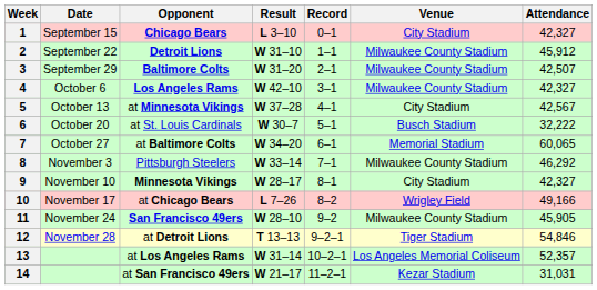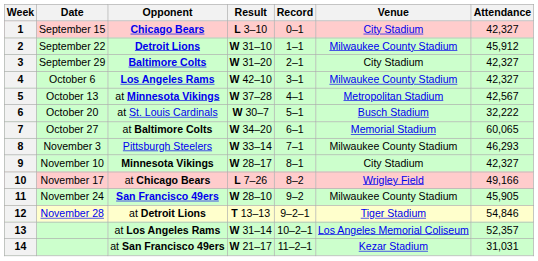 <table class="wikitable" style="text-align:center">
 <tr>
 <th>Week</th>
 <th>Date</th>
 <th>Opponent</th>
 <th>Result</th>
 <th>Record</th>
 <th>Venue</th>
 <th>Attendance</th>
 </tr>
 <tr style="background:#fcc">
 <th>1</th>
 <td>September 15</td>
 <td><strong><a href='#'>Chicago Bears</a></strong></td>
 <td><strong>L</strong> 3–10</td>
 <td>0–1</td>
 <td><a href='#'>City Stadium</a></td>
 <td>42,327</td>
 </tr>
 <tr style="background:#cfc">
 <th>2</th>
 <td>September 22</td>
 <td><strong><a href='#'>Detroit Lions</a></strong></td>
 <td><strong>W</strong> 31–10</td>
 <td>1–1</td>
 <td><a href='#'>Milwaukee County Stadium</a></td>
 <td>45,912</td>
 </tr>
 <tr style="background:#cfc">
 <th>3</th>
 <td>September 29</td>
 <td><strong><a href='#'>Baltimore Colts</a></strong></td>
 <td><strong>W</strong> 31–20</td>
 <td>2–1</td>
-<td><a href='#'>Milwaukee County Stadium</a></td>
-<td>42,507</td>
+<td>City Stadium</td>
+<td>42,327</td>
 </tr>
 <tr style="background:#cfc">
 <th>4</th>
 <td>October 6</td>
 <td><strong><a href='#'>Los Angeles Rams</a></strong></td>
 <td><strong>W</strong> 42–10</td>
 <td>3–1</td>
 <td><a href='#'>Milwaukee County Stadium</a></td>
 <td>42,327</td>
 </tr>
 <tr style="background:#cfc">
 <th>5</th>
 <td>October 13</td>
 <td>at <strong><a href='#'>Minnesota Vikings</a></strong></td>
 <td><strong>W</strong> 37–28</td>
 <td>4–1</td>
-<td>City Stadium</td>
+<td><a href='#'>Metropolitan Stadium</a></td>
 <td>42,567</td>
 </tr>
 <tr style="background:#cfc">
 <th>6</th>
 <td>October 20</td>
 <td>at <a href='#'>St. Louis Cardinals</a></td>
 <td><strong>W</strong> 30–7</td>
 <td>5–1</td>
 <td><a href='#'>Busch Stadium</a></td>
 <td>32,222</td>
 </tr>
 <tr style="background:#cfc">
 <th>7</th>
 <td>October 27</td>
 <td>at <strong>Baltimore Colts</strong></td>
 <td><strong>W</strong> 34–20</td>
 <td>6–1</td>
 <td><a href='#'>Memorial Stadium</a></td>
 <td>60,065</td>
 </tr>
 <tr style="background:#cfc">
 <th>8</th>
 <td>November 3</td>
 <td><a href='#'>Pittsburgh Steelers</a></td>
 <td><strong>W</strong> 33–14</td>
 <td>7–1</td>
 <td>Milwaukee County Stadium</td>
-<td>46,292</td>
+<td>46,293</td>
 </tr>
 <tr style="background:#cfc">
 <th>9</th>
 <td>November 10</td>
 <td><strong>Minnesota Vikings</strong></td>
 <td><strong>W</strong> 28–17</td>
 <td>8–1</td>
 <td>City Stadium</td>
 <td>42,327</td>
 </tr>
 <tr style="background:#fcc">
 <th>10</th>
 <td>November 17</td>
 <td>at <strong>Chicago Bears</strong></td>
 <td><strong>L</strong> 7–26</td>
 <td>8–2</td>
 <td><a href='#'>Wrigley Field</a></td>
 <td>49,166</td>
 </tr>
 <tr style="background:#cfc">
 <th>11</th>
 <td>November 24</td>
 <td><strong><a href='#'>San Francisco 49ers</a></strong></td>
 <td><strong>W</strong> 28–10</td>
 <td>9–2</td>
 <td>Milwaukee County Stadium</td>
 <td>45,905</td>
 </tr>
 <tr style="background:#ffc">
 <th>12</th>
 <td><a href='#'>November 28</a></td>
 <td>at <strong>Detroit Lions</strong></td>
 <td><strong>T</strong> 13–13</td>
 <td>9–2–1</td>
 <td><a href='#'>Tiger Stadium</a></td>
 <td>54,846</td>
 </tr>
 <tr style="background:#cfc">
 <th>13</th>
 <td></td>
 <td>at <strong>Los Angeles Rams</strong></td>
 <td><strong>W</strong> 31–14</td>
 <td>10–2–1</td>
 <td><a href='#'>Los Angeles Memorial Coliseum</a></td>
 <td>52,357</td>
 </tr>
 <tr style="background:#cfc">
 <th>14</th>
 <td></td>
 <td>at <strong>San Francisco 49ers</strong></td>
 <td><strong>W</strong> 21–17</td>
 <td>11–2–1</td>
 <td><a href='#'>Kezar Stadium</a></td>
 <td>31,031</td>
 </tr>
 </table>
